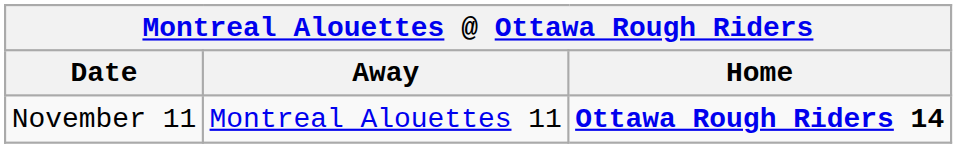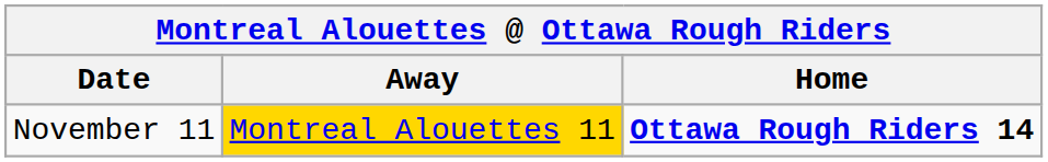 <table class="wikitable">
 <tr>
 <th colspan="3"><a href='#'>Montreal Alouettes</a> @ <a href='#'>Ottawa Rough Riders</a></th>
 </tr>
 <tr>
 <th>Date</th>
 <th>Away</th>
 <th>Home</th>
 </tr>
 <tr>
 <td>November 11</td>
-<td><a href='#'>Montreal Alouettes</a> 11</td>
+<td style="background: gold;"><a href='#'>Montreal Alouettes</a> 11</td>
 <td><strong><a href='#'>Ottawa Rough Riders</a> 14</strong></td>
 </tr>
 </table>
